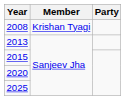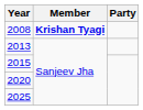 <table class="wikitable">
 <tr>
 <th>Year</th>
 <th>Member</th>
 <th colspan="2">Party</th>
 </tr>
 <tr>
 <td><a href='#'>2008</a></td>
-<td><a href='#'>Krishan Tyagi</a></td>
+<td><strong><a href='#'>Krishan Tyagi</a></strong></td>
 <td></td>
 </tr>
 <tr>
 <td><a href='#'>2013</a></td>
 <td rowspan="4"><a href='#'>Sanjeev Jha</a></td>
 <td></td>
 </tr>
 <tr>
 <td><a href='#'>2015</a></td>
 </tr>
 <tr>
 <td><a href='#'>2020</a></td>
 </tr>
 <tr>
 <td><a href='#'>2025</a></td>
 </tr>
 </table>
